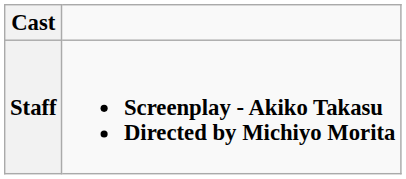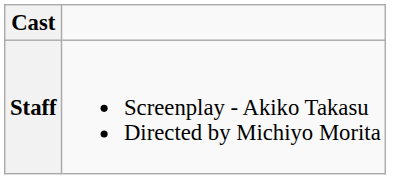 <table class="wikitable">
 <tr>
 <th>Cast</th>
 <td></td>
 </tr>
 <tr>
 <th>Staff</th>
-<td><strong><br><ul><li>Screenplay - Akiko Takasu</li><li>Directed by Michiyo Morita</li></ul></strong></td>
+<td><br><ul><li>Screenplay - Akiko Takasu</li><li>Directed by Michiyo Morita</li></ul></td>
 </tr>
 </table>
